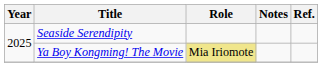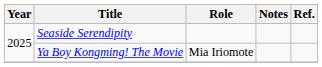 <table class="wikitable sortable">
 <tr>
 <th>Year</th>
 <th>Title</th>
 <th>Role</th>
 <th class="unsortable">Notes</th>
 <th class="unsortable">Ref.</th>
 </tr>
 <tr>
 <td rowspan=2>2025</td>
 <td><em><a href='#'>Seaside Serendipity</a></em></td>
 <td></td>
 <td></td>
 <td></td>
 </tr>
 <tr>
 <td><em><a href='#'>Ya Boy Kongming! The Movie</a></em></td>
-<td style="background: khaki;">Mia Iriomote</td>
+<td>Mia Iriomote</td>
 <td></td>
 <td></td>
 </tr>
 <tr>
 </tr>
 </table>
